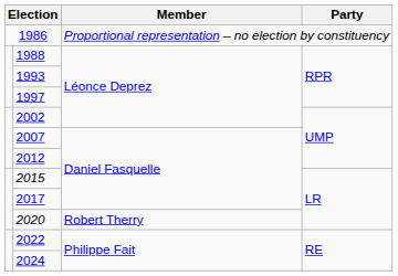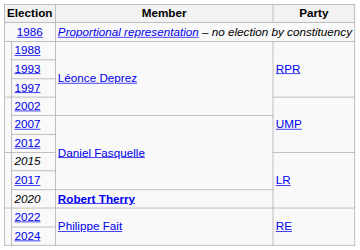 <table class="wikitable">
 <tr>
 <th colspan="2">Election</th>
 <th>Member</th>
 <th>Party</th>
 </tr>
 <tr>
 <td colspan="2" align="center"><a href='#'>1986</a></td>
 <td colspan="2"><em><a href='#'>Proportional representation</a> – no election by constituency</em></td>
 </tr>
 <tr>
 <td rowspan="3" style="color:inherit;background-color: "></td>
 <td><a href='#'>1988</a></td>
 <td rowspan="4"><a href='#'>Léonce Deprez</a></td>
 <td rowspan="3"><a href='#'>RPR</a></td>
 </tr>
 <tr>
 <td><a href='#'>1993</a></td>
 </tr>
 <tr>
 <td><a href='#'>1997</a></td>
 </tr>
 <tr>
 <td rowspan="3" style="color:inherit;background-color: "></td>
 <td><a href='#'>2002</a></td>
 <td rowspan="3"><a href='#'>UMP</a></td>
 </tr>
 <tr>
 <td><a href='#'>2007</a></td>
 <td rowspan="4"><a href='#'>Daniel Fasquelle</a></td>
 </tr>
 <tr>
 <td><a href='#'>2012</a></td>
 </tr>
 <tr>
 <td rowspan="3" style="color:inherit;background-color: "></td>
 <td><em>2015</em></td>
 <td rowspan="3"><a href='#'>LR</a></td>
 </tr>
 <tr>
 <td><a href='#'>2017</a></td>
 </tr>
 <tr>
 <td><em>2020</em></td>
-<td><a href='#'>Robert Therry</a></td>
+<td><strong><a href='#'>Robert Therry</a></strong></td>
 </tr>
 <tr>
 <td rowspan=2 style="color:inherit;background-color: "></td>
 <td><a href='#'>2022</a></td>
 <td rowspan=2><a href='#'>Philippe Fait</a></td>
 <td rowspan=2><a href='#'>RE</a></td>
 </tr>
 <tr>
 <td><a href='#'>2024</a></td>
 </tr>
 </table>
